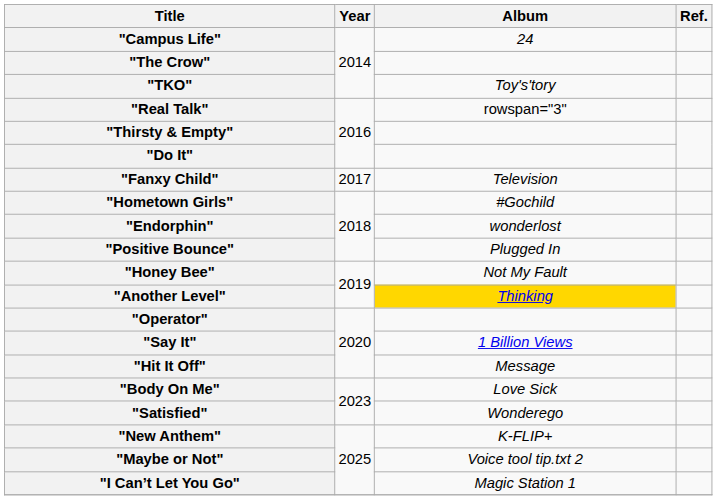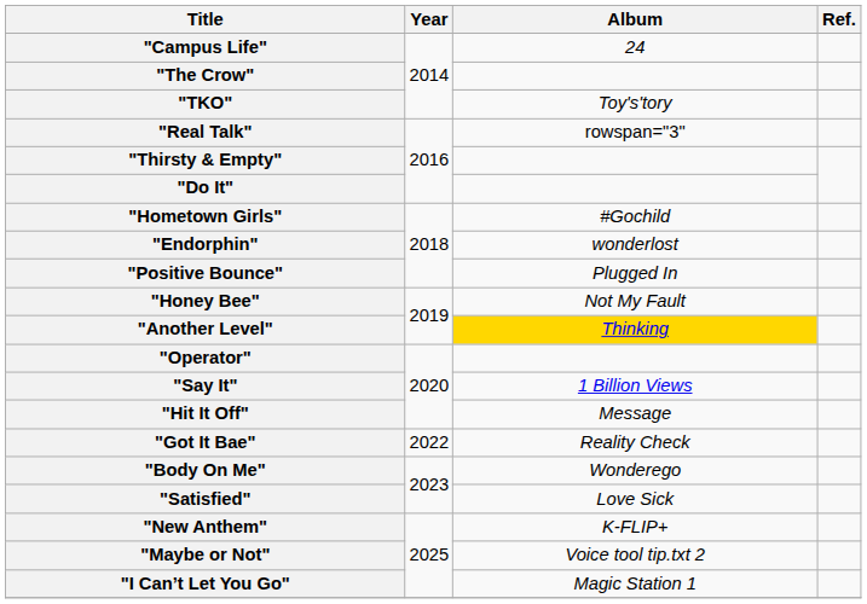 <table class="wikitable plainrowheaders" style="text-align:center;">
 <tr>
 <th scope="col" style="width:22em;">Title</th>
 <th scope="col">Year</th>
 <th scope="col" style="width:20em;">Album</th>
 <th scope="col" style="width:2em;">Ref.</th>
 </tr>
 <tr>
 <th scope="row">"Campus Life" </th>
 <td rowspan="3">2014</td>
 <td><em>24</em></td>
 <td></td>
 </tr>
 <tr>
 <th scope="row">"The Crow" </th>
 <td></td>
 <td></td>
 </tr>
 <tr>
 <th scope="row">"TKO" </th>
 <td><em>Toy's'tory</em></td>
 <td></td>
 </tr>
 <tr>
 <th scope="row">"Real Talk" </th>
 <td rowspan="3">2016</td>
 <td>rowspan="3" </td>
 <td></td>
 </tr>
 <tr>
 <th scope="row">"Thirsty & Empty" </th>
 <td></td>
 </tr>
 <tr>
 <th scope="row">"Do It" </th>
-<td></td>
-</tr>
-<tr>
-<th scope="row">"Fanxy Child" </th>
-<td>2017</td>
-<td><em>Television</em></td>
 <td></td>
 </tr>
 <tr>
 <th scope="row">"Hometown Girls" </th>
 <td rowspan="3">2018</td>
 <td><em>#Gochild</em></td>
 <td></td>
 </tr>
 <tr>
 <th scope="row">"Endorphin" </th>
 <td><em>wonderlost</em></td>
 <td></td>
 </tr>
 <tr>
 <th scope="row">"Positive Bounce" </th>
 <td><em>Plugged In</em></td>
 <td></td>
 </tr>
 <tr>
 <th scope="row">"Honey Bee" </th>
 <td rowspan="2">2019</td>
 <td><em>Not My Fault</em></td>
 <td></td>
 </tr>
 <tr>
 <th scope="row">"Another Level" </th>
 <td style="background: gold;"><em><a href='#'>Thinking</a></em></td>
 <td></td>
 </tr>
 <tr>
 <th scope="row">"Operator" </th>
 <td rowspan="3">2020</td>
 <td></td>
 <td></td>
 </tr>
 <tr>
 <th scope="row">"Say It" </th>
 <td><em><a href='#'>1 Billion Views</a></em></td>
 <td></td>
 </tr>
 <tr>
 <th scope="row">"Hit It Off" </th>
 <td><em>Message</em></td>
 <td></td>
 </tr>
 <tr>
+<th scope="row">"Got It Bae" </th>
+<td>2022</td>
+<td><em>Reality Check</em></td>
+<td></td>
+</tr>
+<tr>
 <th scope="row">"Body On Me" </th>
 <td rowspan="2">2023</td>
-<td><em>Love Sick</em></td>
+<td><em>Wonderego</em></td>
 <td></td>
 </tr>
 <tr>
 <th scope="row">"Satisfied" </th>
-<td><em>Wonderego</em></td>
+<td><em>Love Sick</em></td>
 <td></td>
 </tr>
 <tr>
 <th scope="row">"New Anthem" </th>
 <td rowspan="3">2025</td>
 <td><em>K-FLIP+</em></td>
 <td></td>
 </tr>
 <tr>
 <th scope="row">"Maybe or Not" </th>
 <td><em>Voice tool tip.txt 2</em></td>
 <td></td>
 </tr>
 <tr>
 <th scope="row">"I Can’t Let You Go" </th>
 <td><em>Magic Station 1</em></td>
 <td></td>
 </tr>
 <tr>
 </tr>
 </table>
